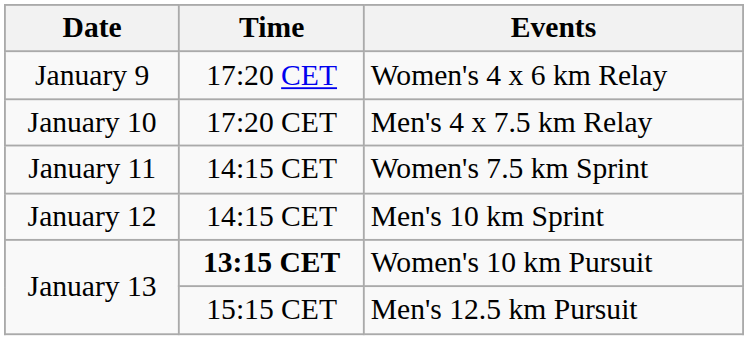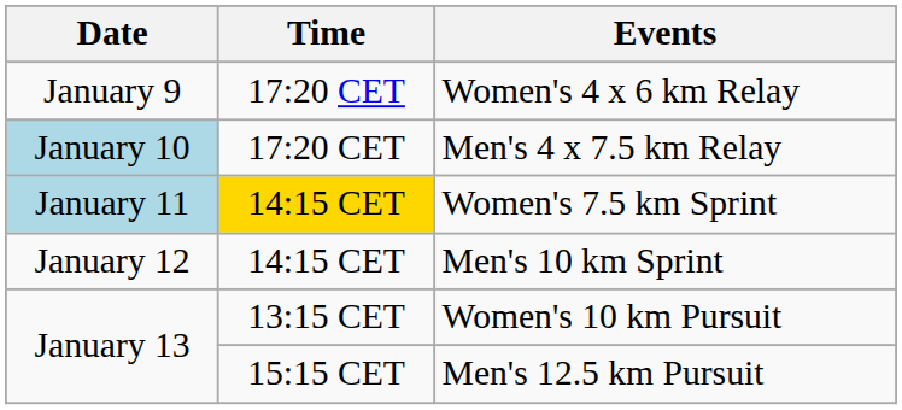 <table class="wikitable" style="text-align: center" width="400">
 <tr>
 <th>Date</th>
 <th>Time</th>
 <th>Events</th>
 </tr>
 <tr>
 <td>January 9</td>
 <td>17:20 <a href='#'>CET</a></td>
 <td style="text-align: left">Women's 4 x 6 km Relay</td>
 </tr>
 <tr>
-<td>January 10</td>
+<td style="background: lightblue;">January 10</td>
 <td>17:20 CET</td>
 <td style="text-align: left">Men's 4 x 7.5 km Relay</td>
 </tr>
 <tr>
-<td>January 11</td>
-<td>14:15 CET</td>
+<td style="background: lightblue;">January 11</td>
+<td style="background: gold;">14:15 CET</td>
 <td style="text-align: left">Women's 7.5 km Sprint</td>
 </tr>
 <tr>
 <td>January 12</td>
 <td>14:15 CET</td>
 <td style="text-align: left">Men's 10 km Sprint</td>
 </tr>
 <tr>
 <td rowspan=2>January 13</td>
-<td><strong>13:15 CET</strong></td>
+<td>13:15 CET</td>
 <td style="text-align: left">Women's 10 km Pursuit</td>
 </tr>
 <tr>
 <td>15:15 CET</td>
 <td style="text-align: left">Men's 12.5 km Pursuit</td>
 </tr>
 </table>
